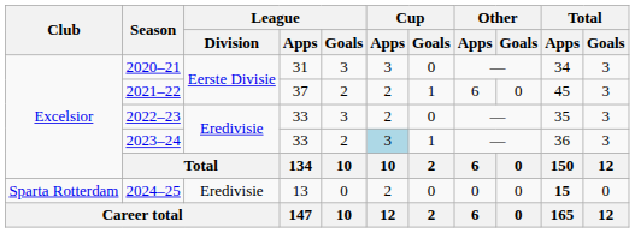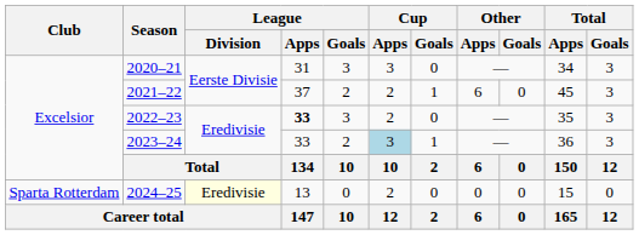 <table class="wikitable" style="text-align: center">
 <tr>
 <th rowspan="2">Club</th>
 <th rowspan="2">Season</th>
 <th colspan="3">League</th>
 <th colspan="2">Cup</th>
 <th colspan="2">Other</th>
 <th colspan="2">Total</th>
 </tr>
 <tr>
 <th>Division</th>
 <th>Apps</th>
 <th>Goals</th>
 <th>Apps</th>
 <th>Goals</th>
 <th>Apps</th>
 <th>Goals</th>
 <th>Apps</th>
 <th>Goals</th>
 </tr>
 <tr>
 <td rowspan="5"><a href='#'>Excelsior</a></td>
 <td><a href='#'>2020–21</a></td>
 <td rowspan="2"><a href='#'>Eerste Divisie</a></td>
 <td>31</td>
 <td>3</td>
 <td>3</td>
 <td>0</td>
 <td colspan="2">—</td>
 <td>34</td>
 <td>3</td>
 </tr>
 <tr>
 <td><a href='#'>2021–22</a></td>
 <td>37</td>
 <td>2</td>
 <td>2</td>
 <td>1</td>
 <td>6</td>
 <td>0</td>
 <td>45</td>
 <td>3</td>
 </tr>
 <tr>
 <td><a href='#'>2022–23</a></td>
 <td rowspan="2"><a href='#'>Eredivisie</a></td>
-<td>33</td>
+<td><strong>33</strong></td>
 <td>3</td>
 <td>2</td>
 <td>0</td>
 <td colspan="2">—</td>
 <td>35</td>
 <td>3</td>
 </tr>
 <tr>
 <td><a href='#'>2023–24</a></td>
 <td>33</td>
 <td>2</td>
 <td style="background: lightblue;">3</td>
 <td>1</td>
 <td colspan="2">—</td>
 <td>36</td>
 <td>3</td>
 </tr>
 <tr>
 <th colspan="2">Total</th>
 <th>134</th>
 <th>10</th>
 <th>10</th>
 <th>2</th>
 <th>6</th>
 <th>0</th>
 <th>150</th>
 <th>12</th>
 </tr>
 <tr>
 <td><a href='#'>Sparta Rotterdam</a></td>
 <td><a href='#'>2024–25</a></td>
-<td>Eredivisie</td>
+<td style="background: lightyellow;">Eredivisie</td>
 <td>13</td>
 <td>0</td>
 <td>2</td>
 <td>0</td>
 <td>0</td>
 <td>0</td>
-<td><strong>15</strong></td>
+<td>15</td>
 <td>0</td>
 </tr>
 <tr>
 <th colspan="3">Career total</th>
 <th>147</th>
 <th>10</th>
 <th>12</th>
 <th>2</th>
 <th>6</th>
 <th>0</th>
 <th>165</th>
 <th>12</th>
 </tr>
 </table>
